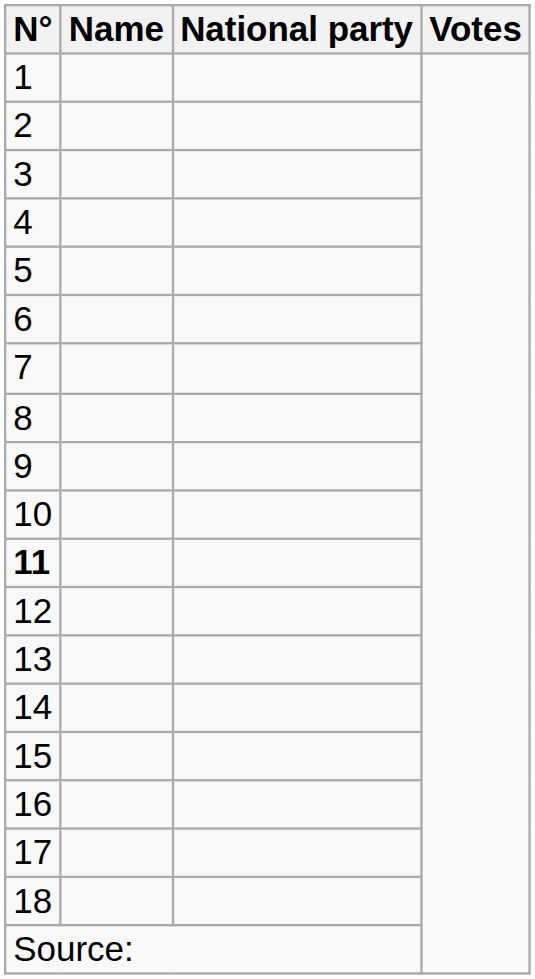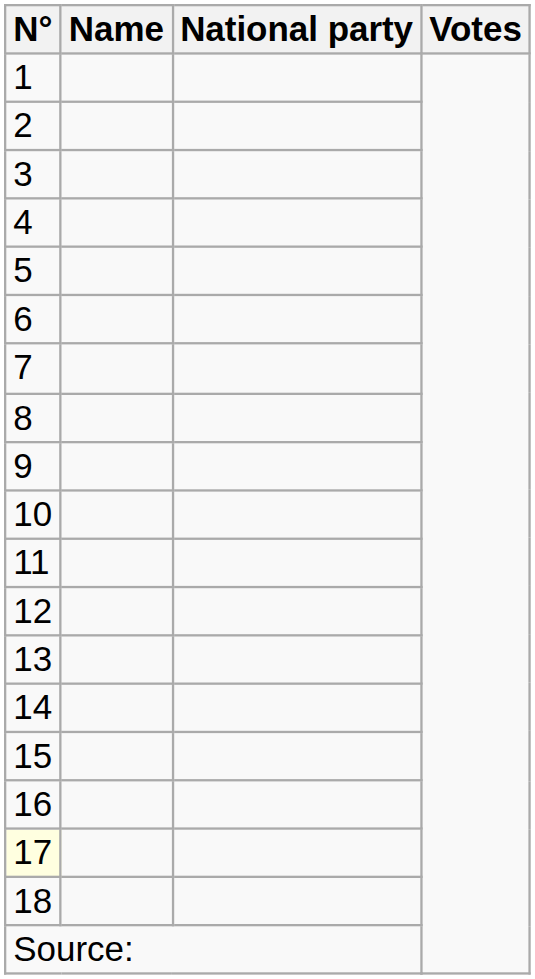 <table class="wikitable sortable" style="font-size:95%;line-height:14px;">
 <tr>
 <th>N°</th>
 <th>Name</th>
 <th colspan="2">National party</th>
 <th>Votes</th>
 </tr>
 <tr>
 <td>1</td>
 <td></td>
 <td></td>
 </tr>
 <tr>
 <td>2</td>
 <td></td>
 <td></td>
 </tr>
 <tr>
 <td>3</td>
 <td></td>
 <td></td>
 </tr>
 <tr>
 <td>4</td>
 <td></td>
 <td></td>
 </tr>
 <tr>
 <td>5</td>
 <td></td>
 <td></td>
 </tr>
 <tr>
 <td>6</td>
 <td></td>
 <td></td>
 </tr>
 <tr>
 <td>7</td>
 <td></td>
 <td></td>
 </tr>
 <tr>
 <td>8</td>
 <td></td>
 <td></td>
 </tr>
 <tr>
 <td>9</td>
 <td></td>
 <td></td>
 </tr>
 <tr>
 <td>10</td>
 <td></td>
 <td></td>
 </tr>
 <tr>
-<td><strong>11</strong></td>
+<td>11</td>
 <td></td>
 <td></td>
 </tr>
 <tr>
 <td>12</td>
 <td></td>
 <td></td>
 </tr>
 <tr>
 <td>13</td>
 <td></td>
 <td></td>
 </tr>
 <tr>
 <td>14</td>
 <td></td>
 <td></td>
 </tr>
 <tr>
 <td>15</td>
 <td></td>
 <td></td>
 </tr>
 <tr>
 <td>16</td>
 <td></td>
 <td></td>
 </tr>
 <tr>
-<td>17</td>
+<td style="background: lightyellow;">17</td>
 <td></td>
 <td></td>
 </tr>
 <tr>
 <td>18</td>
 <td></td>
 <td></td>
 </tr>
 <tr>
 <td colspan="3">Source: </td>
 </tr>
 </table>
